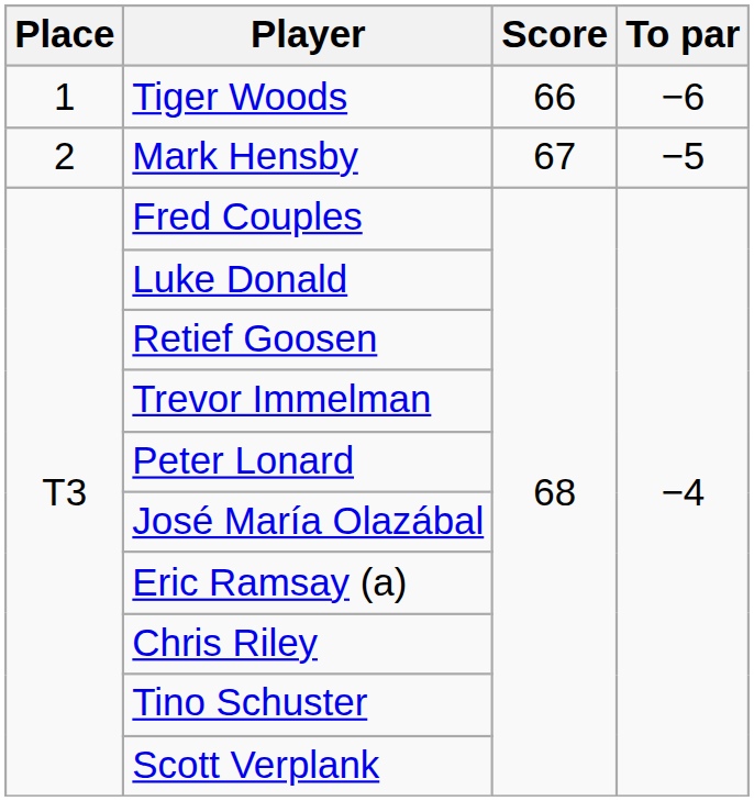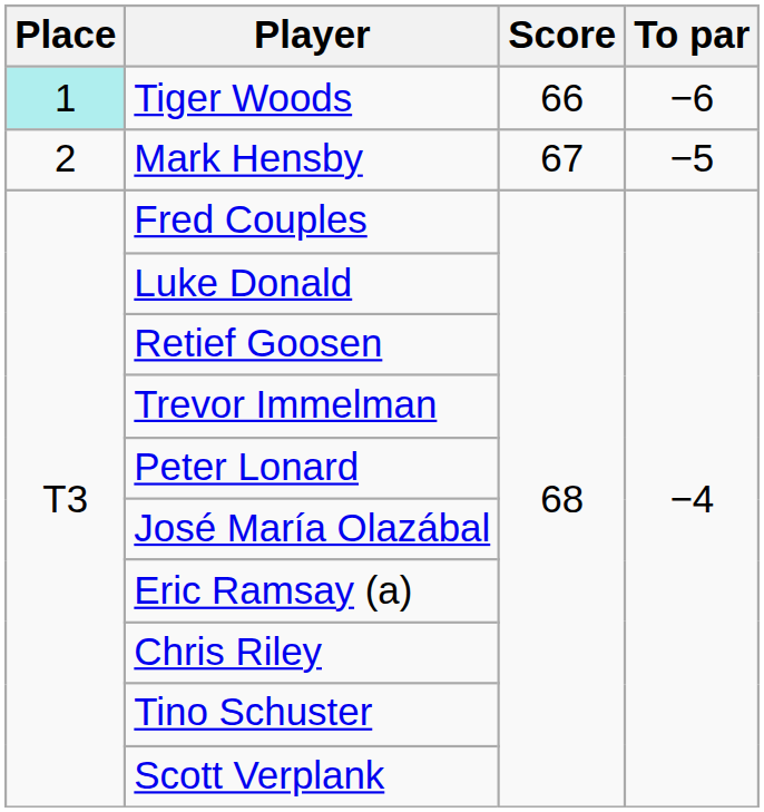 <table class="wikitable">
 <tr>
 <th>Place</th>
 <th>Player</th>
 <th>Score</th>
 <th>To par</th>
 </tr>
 <tr>
-<td align=center>1</td>
+<td align=center style="background: paleturquoise;">1</td>
 <td> <a href='#'>Tiger Woods</a></td>
 <td align=center>66</td>
 <td align=center>−6</td>
 </tr>
 <tr>
 <td align=center>2</td>
 <td> <a href='#'>Mark Hensby</a></td>
 <td align=center>67</td>
 <td align=center>−5</td>
 </tr>
 <tr>
 <td rowspan="10" align=center>T3</td>
 <td> <a href='#'>Fred Couples</a></td>
 <td rowspan="10" align=center>68</td>
 <td rowspan="10" align=center>−4</td>
 </tr>
 <tr>
 <td> <a href='#'>Luke Donald</a></td>
 </tr>
 <tr>
 <td> <a href='#'>Retief Goosen</a></td>
 </tr>
 <tr>
 <td> <a href='#'>Trevor Immelman</a></td>
 </tr>
 <tr>
 <td> <a href='#'>Peter Lonard</a></td>
 </tr>
 <tr>
 <td> <a href='#'>José María Olazábal</a></td>
 </tr>
 <tr>
 <td> <a href='#'>Eric Ramsay</a> (a)</td>
 </tr>
 <tr>
 <td> <a href='#'>Chris Riley</a></td>
 </tr>
 <tr>
 <td> <a href='#'>Tino Schuster</a></td>
 </tr>
 <tr>
 <td> <a href='#'>Scott Verplank</a></td>
 </tr>
 </table>
